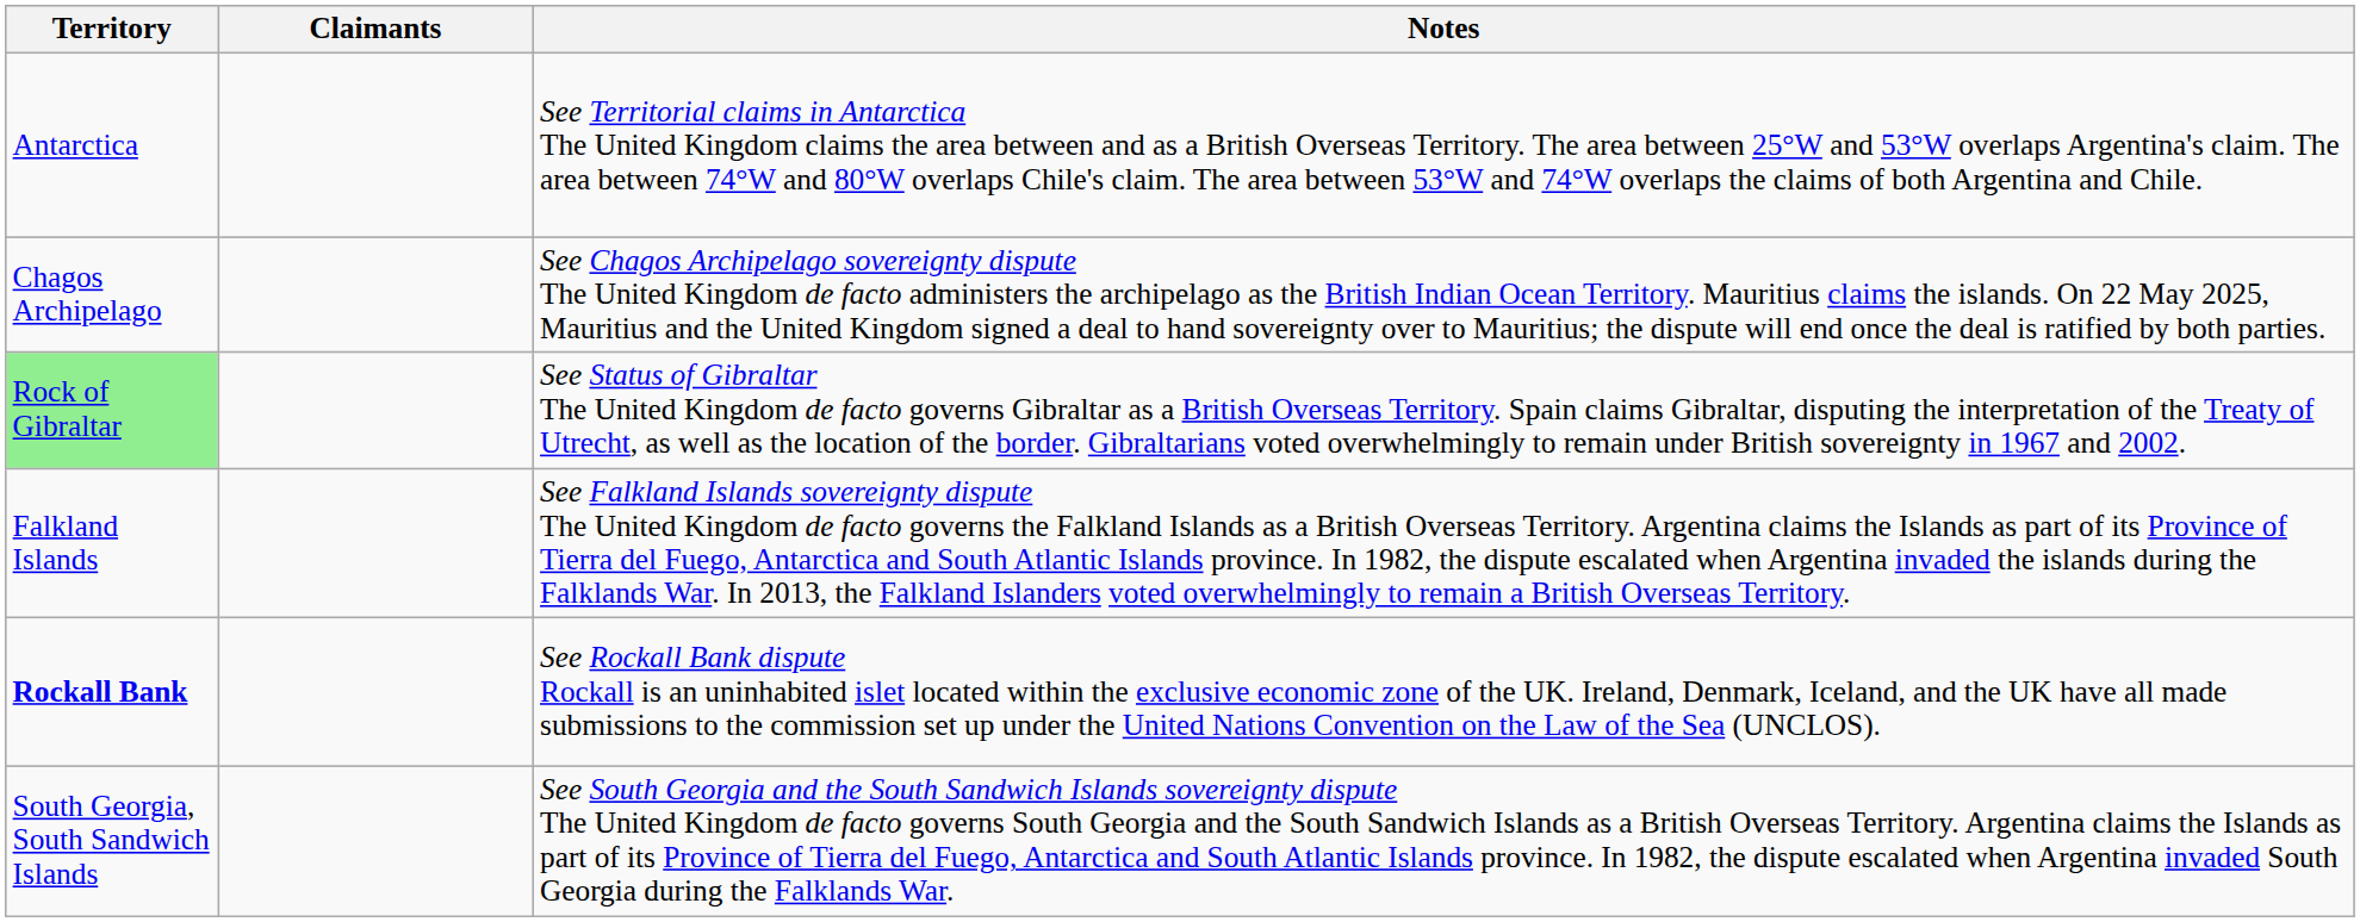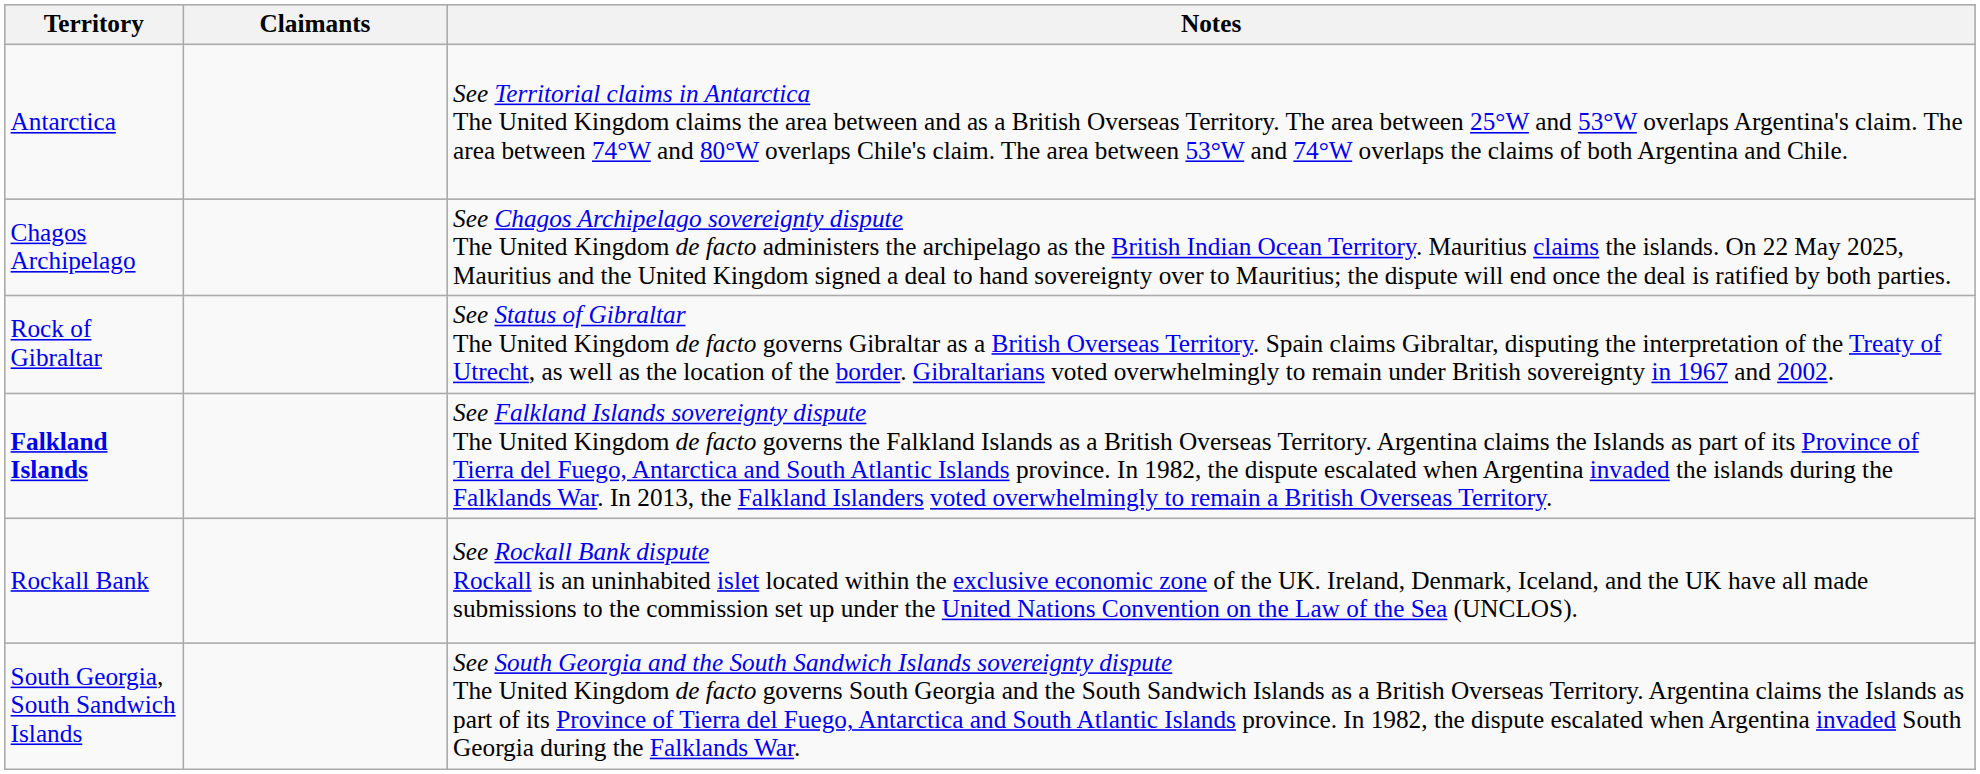 <table class="wikitable sortable">
 <tr>
 <th>Territory</th>
 <th width=160px>Claimants</th>
 <th class="unsortable">Notes</th>
 </tr>
 <tr>
 <td><a href='#'>Antarctica</a></td>
 <td><br><br><br><br><br></td>
 <td><em>See <a href='#'>Territorial claims in Antarctica</a></em><br>The United Kingdom claims the area between  and  as a British Overseas Territory. The area between <a href='#'>25°W</a> and <a href='#'>53°W</a> overlaps Argentina's claim. The area between <a href='#'>74°W</a> and <a href='#'>80°W</a> overlaps Chile's claim. The area between <a href='#'>53°W</a> and <a href='#'>74°W</a> overlaps the claims of both Argentina and Chile.</td>
 </tr>
 <tr>
 <td><a href='#'>Chagos Archipelago</a></td>
 <td><strong><br></strong><br></td>
 <td><em>See <a href='#'>Chagos Archipelago sovereignty dispute</a></em><br>The United Kingdom <em>de facto</em> administers the archipelago as the <a href='#'>British Indian Ocean Territory</a>. Mauritius <a href='#'>claims</a> the islands. On 22 May 2025, Mauritius and the United Kingdom signed a deal to hand sovereignty over to Mauritius; the dispute will end once the deal is ratified by both parties.</td>
 </tr>
 <tr>
-<td style="background: lightgreen;"><a href='#'>Rock of Gibraltar</a></td>
+<td><a href='#'>Rock of Gibraltar</a></td>
 <td><strong><br></strong><br></td>
 <td><em>See <a href='#'>Status of Gibraltar</a></em><br>The United Kingdom <em>de facto</em> governs Gibraltar as a <a href='#'>British Overseas Territory</a>. Spain claims Gibraltar, disputing the interpretation of the <a href='#'>Treaty of Utrecht</a>, as well as the location of the <a href='#'>border</a>. <a href='#'>Gibraltarians</a> voted overwhelmingly to remain under British sovereignty <a href='#'>in 1967</a> and <a href='#'>2002</a>.</td>
 </tr>
 <tr>
-<td><a href='#'>Falkland Islands</a></td>
+<td><strong><a href='#'>Falkland Islands</a></strong></td>
 <td><strong><br></strong><br></td>
 <td><em>See <a href='#'>Falkland Islands sovereignty dispute</a></em><br>The United Kingdom <em>de facto</em> governs the Falkland Islands as a British Overseas Territory. Argentina claims the Islands as part of its <a href='#'>Province of Tierra del Fuego, Antarctica and South Atlantic Islands</a> province. In 1982, the dispute escalated when Argentina <a href='#'>invaded</a> the islands during the <a href='#'>Falklands War</a>. In 2013, the <a href='#'>Falkland Islanders</a> <a href='#'>voted overwhelmingly to remain a British Overseas Territory</a>.</td>
 </tr>
 <tr>
-<td><strong><a href='#'>Rockall Bank</a></strong></td>
+<td><a href='#'>Rockall Bank</a></td>
 <td><strong></strong><br><br><br><br></td>
 <td><em>See <a href='#'>Rockall Bank dispute</a></em><br><a href='#'>Rockall</a> is an uninhabited <a href='#'>islet</a> located within the <a href='#'>exclusive economic zone</a> of the UK. Ireland, Denmark, Iceland, and the UK have all made submissions to the commission set up under the <a href='#'>United Nations Convention on the Law of the Sea</a> (UNCLOS).</td>
 </tr>
 <tr>
 <td><a href='#'>South Georgia</a>,<br><a href='#'>South Sandwich Islands</a></td>
 <td><strong><br></strong><br></td>
 <td><em>See <a href='#'>South Georgia and the South Sandwich Islands sovereignty dispute</a></em><br>The United Kingdom <em>de facto</em> governs South Georgia and the South Sandwich Islands as a British Overseas Territory. Argentina claims the Islands as part of its <a href='#'>Province of Tierra del Fuego, Antarctica and South Atlantic Islands</a> province. In 1982, the dispute escalated when Argentina <a href='#'>invaded</a> South Georgia during the <a href='#'>Falklands War</a>.</td>
 </tr>
 <tr>
 </tr>
 </table>
